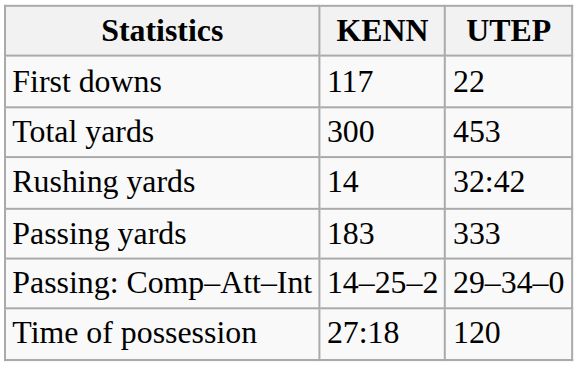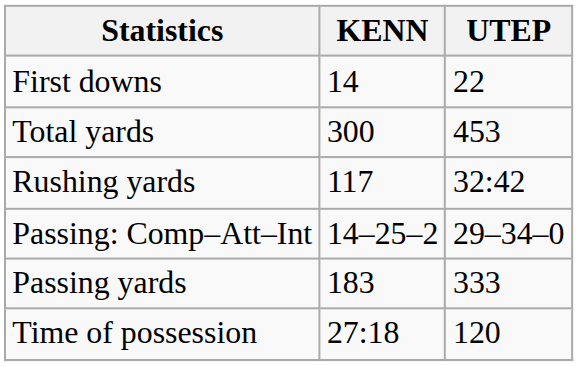 <table class="wikitable" style="float: left;">
 <tr>
 <th>Statistics</th>
 <th>KENN</th>
 <th>UTEP</th>
 </tr>
 <tr>
 <td>First downs</td>
-<td>117</td>
+<td>14</td>
 <td>22</td>
 </tr>
 <tr>
 <td>Total yards</td>
 <td>300</td>
 <td>453</td>
 </tr>
 <tr>
 <td>Rushing yards</td>
-<td>14</td>
+<td>117</td>
 <td>32:42</td>
+</tr>
+<tr>
+<td>Passing: Comp–Att–Int</td>
+<td>14–25–2</td>
+<td>29–34–0</td>
 </tr>
 <tr>
 <td>Passing yards</td>
 <td>183</td>
 <td>333</td>
-</tr>
-<tr>
-<td>Passing: Comp–Att–Int</td>
-<td>14–25–2</td>
-<td>29–34–0</td>
 </tr>
 <tr>
 <td>Time of possession</td>
 <td>27:18</td>
 <td>120</td>
 </tr>
 <tr>
 </tr>
 </table>
